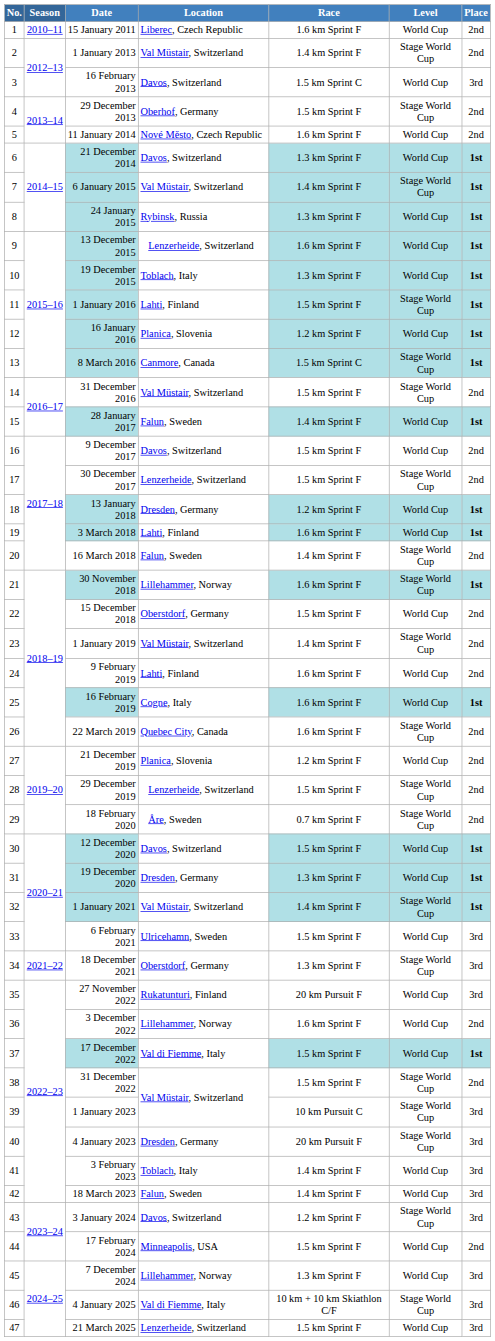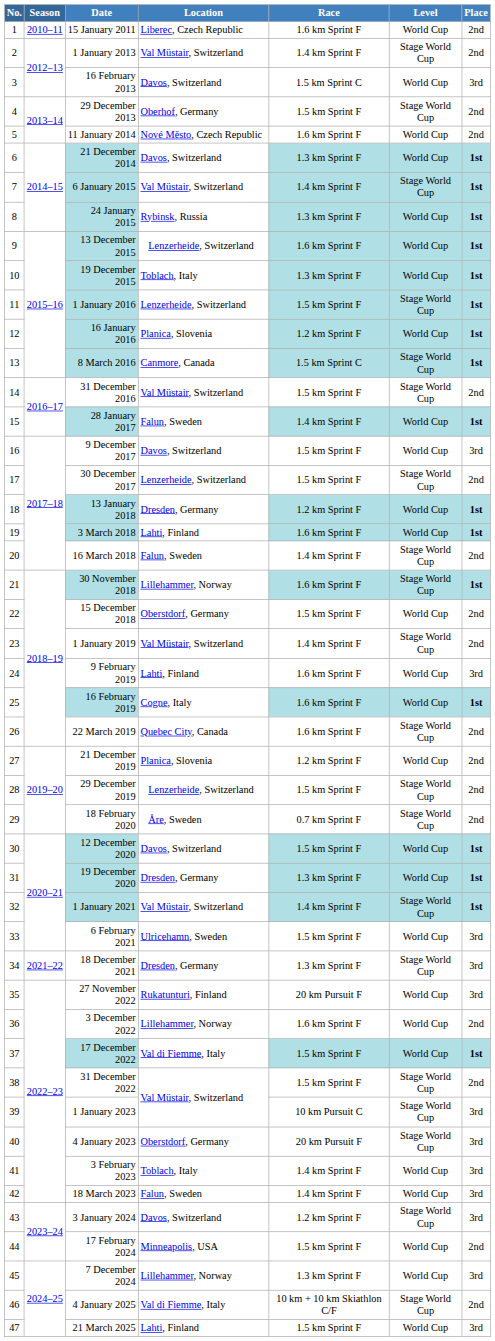 <table class="wikitable sortable" style="font-size:95%; text-align:center; border:grey solid 1px; border-collapse:collapse; background:#ffffff;">
 <tr style="background:#efefef;">
 <th style="background-color:#369; color:white;">No.</th>
 <th style="background-color:#369; color:white;">Season</th>
 <th style="background-color:#4180be; color:white; width:100px;">Date</th>
 <th style="background-color:#4180be; color:white; width:185px;">Location</th>
 <th style="background-color:#4180be; color:white; width:170px;">Race</th>
 <th style="background-color:#4180be; color:white; width:100px;">Level</th>
 <th style="background-color:#4180be; color:white;">Place</th>
 </tr>
 <tr>
 <td align=center>1</td>
 <td rowspan=1 align=center><a href='#'>2010–11</a></td>
 <td align=right>15 January 2011</td>
 <td align=left> <a href='#'>Liberec</a>, Czech Republic</td>
 <td>1.6 km Sprint F</td>
 <td>World Cup</td>
 <td>2nd</td>
 </tr>
 <tr>
 <td align=center>2</td>
 <td rowspan=2 align=center><a href='#'>2012–13</a></td>
 <td align=right>1 January 2013</td>
 <td align=left> <a href='#'>Val Müstair</a>, Switzerland</td>
 <td>1.4 km Sprint F</td>
 <td>Stage World Cup</td>
 <td>2nd</td>
 </tr>
 <tr>
 <td align=center>3</td>
 <td align=right>16 February 2013</td>
 <td align=left> <a href='#'>Davos</a>, Switzerland</td>
 <td>1.5 km Sprint C</td>
 <td>World Cup</td>
 <td>3rd</td>
 </tr>
 <tr>
 <td align=center>4</td>
 <td rowspan=2 align=center><a href='#'>2013–14</a></td>
 <td align=right>29 December 2013</td>
 <td align=left> <a href='#'>Oberhof</a>, Germany</td>
 <td>1.5 km Sprint F</td>
 <td>Stage World Cup</td>
 <td>2nd</td>
 </tr>
 <tr>
 <td align=center>5</td>
 <td align=right>11 January 2014</td>
 <td align=left> <a href='#'>Nové Město</a>, Czech Republic</td>
 <td>1.6 km Sprint F</td>
 <td>World Cup</td>
 <td>2nd</td>
 </tr>
 <tr>
 <td align=center>6</td>
 <td rowspan=3 align=center><a href='#'>2014–15</a></td>
 <td bgcolor="#BOEOE6" align=right>21 December 2014</td>
 <td align=left> <a href='#'>Davos</a>, Switzerland</td>
 <td bgcolor="#BOEOE6">1.3 km Sprint F</td>
 <td bgcolor="#BOEOE6">World Cup</td>
 <td bgcolor="#BOEOE6"><strong>1st</strong></td>
 </tr>
 <tr>
 <td align=center>7</td>
 <td bgcolor="#BOEOE6" align=right>6 January 2015</td>
 <td align=left> <a href='#'>Val Müstair</a>, Switzerland</td>
 <td bgcolor="#BOEOE6">1.4 km Sprint F</td>
 <td bgcolor="#BOEOE6">Stage World Cup</td>
 <td bgcolor="#BOEOE6"><strong>1st</strong></td>
 </tr>
 <tr>
 <td align=center>8</td>
 <td bgcolor="#BOEOE6" align=right>24 January 2015</td>
 <td align=left> <a href='#'>Rybinsk</a>, Russia</td>
 <td bgcolor="#BOEOE6">1.3 km Sprint F</td>
 <td bgcolor="#BOEOE6">World Cup</td>
 <td bgcolor="#BOEOE6"><strong>1st</strong></td>
 </tr>
 <tr>
 <td align=center>9</td>
 <td rowspan=5 align=center><a href='#'>2015–16</a></td>
 <td bgcolor="#BOEOE6" align=right>13 December 2015</td>
 <td align=left>   <a href='#'>Lenzerheide</a>, Switzerland</td>
 <td bgcolor="#BOEOE6">1.6 km Sprint F</td>
 <td bgcolor="#BOEOE6">World Cup</td>
 <td bgcolor="#BOEOE6"><strong>1st</strong></td>
 </tr>
 <tr>
 <td align=center>10</td>
 <td bgcolor="#BOEOE6" align=right>19 December 2015</td>
 <td align=left> <a href='#'>Toblach</a>, Italy</td>
 <td bgcolor="#BOEOE6">1.3 km Sprint F</td>
 <td bgcolor="#BOEOE6">World Cup</td>
 <td bgcolor="#BOEOE6"><strong>1st</strong></td>
 </tr>
 <tr>
 <td align=center>11</td>
 <td bgcolor="#BOEOE6" align=right>1 January 2016</td>
-<td align=left> <a href='#'>Lahti</a>, Finland</td>
+<td align=left> <a href='#'>Lenzerheide</a>, Switzerland</td>
 <td bgcolor="#BOEOE6">1.5 km Sprint F</td>
 <td bgcolor="#BOEOE6">Stage World Cup</td>
 <td bgcolor="#BOEOE6"><strong>1st</strong></td>
 </tr>
 <tr>
 <td align=center>12</td>
 <td bgcolor="#BOEOE6" align=right>16 January 2016</td>
 <td align=left> <a href='#'>Planica</a>, Slovenia</td>
 <td bgcolor="#BOEOE6">1.2 km Sprint F</td>
 <td bgcolor="#BOEOE6">World Cup</td>
 <td bgcolor="#BOEOE6"><strong>1st</strong></td>
 </tr>
 <tr>
 <td align=center>13</td>
 <td bgcolor="#BOEOE6" align=right>8 March 2016</td>
 <td align=left> <a href='#'>Canmore</a>, Canada</td>
 <td bgcolor="#BOEOE6">1.5 km Sprint C</td>
 <td bgcolor="#BOEOE6">Stage World Cup</td>
 <td bgcolor="#BOEOE6"><strong>1st</strong></td>
 </tr>
 <tr>
 <td align=center>14</td>
 <td rowspan=2 align=center><a href='#'>2016–17</a></td>
 <td align=right>31 December 2016</td>
 <td align=left> <a href='#'>Val Müstair</a>, Switzerland</td>
 <td>1.5 km Sprint F</td>
 <td>Stage World Cup</td>
 <td>2nd</td>
 </tr>
 <tr>
 <td align=center>15</td>
 <td bgcolor="#BOEOE6" align=right>28 January 2017</td>
 <td align=left> <a href='#'>Falun</a>, Sweden</td>
 <td bgcolor="#BOEOE6">1.4 km Sprint F</td>
 <td bgcolor="#BOEOE6">World Cup</td>
 <td bgcolor="#BOEOE6"><strong>1st</strong></td>
 </tr>
 <tr>
 <td align=center>16</td>
 <td rowspan=5 align=center><a href='#'>2017–18</a></td>
 <td align=right>9 December 2017</td>
 <td align=left> <a href='#'>Davos</a>, Switzerland</td>
 <td>1.5 km Sprint F</td>
 <td>World Cup</td>
-<td>2nd</td>
+<td>3rd</td>
 </tr>
 <tr>
 <td align=center>17</td>
 <td align=right>30 December 2017</td>
 <td align=left> <a href='#'>Lenzerheide</a>, Switzerland</td>
 <td>1.5 km Sprint F</td>
 <td>Stage World Cup</td>
 <td>2nd</td>
 </tr>
 <tr>
 <td align=center>18</td>
 <td bgcolor="#BOEOE6" align=right>13 January 2018</td>
 <td align=left> <a href='#'>Dresden</a>, Germany</td>
 <td bgcolor="#BOEOE6">1.2 km Sprint F</td>
 <td bgcolor="#BOEOE6">World Cup</td>
 <td bgcolor="#BOEOE6"><strong>1st</strong></td>
 </tr>
 <tr>
 <td align=center>19</td>
 <td bgcolor="#BOEOE6" align=right>3 March 2018</td>
 <td align=left> <a href='#'>Lahti</a>, Finland</td>
 <td bgcolor="#BOEOE6">1.6 km Sprint F</td>
 <td bgcolor="#BOEOE6">World Cup</td>
 <td bgcolor="#BOEOE6"><strong>1st</strong></td>
 </tr>
 <tr>
 <td align=center>20</td>
 <td align=right>16 March 2018</td>
 <td align=left> <a href='#'>Falun</a>, Sweden</td>
 <td>1.4 km Sprint F</td>
 <td>Stage World Cup</td>
 <td>2nd</td>
 </tr>
 <tr>
 <td align=center>21</td>
 <td rowspan=6 align=center><a href='#'>2018–19</a></td>
 <td bgcolor="#BOEOE6" align=right>30 November 2018</td>
 <td align=left> <a href='#'>Lillehammer</a>, Norway</td>
 <td bgcolor="#BOEOE6">1.6 km Sprint F</td>
 <td bgcolor="#BOEOE6">Stage World Cup</td>
 <td bgcolor="#BOEOE6"><strong>1st</strong></td>
 </tr>
 <tr>
 <td align=center>22</td>
 <td align=right>15 December 2018</td>
 <td align=left> <a href='#'>Oberstdorf</a>, Germany</td>
 <td>1.5 km Sprint F</td>
 <td>World Cup</td>
 <td>2nd</td>
 </tr>
 <tr>
 <td align=center>23</td>
 <td align=right>1 January 2019</td>
 <td align=left> <a href='#'>Val Müstair</a>, Switzerland</td>
 <td>1.4 km Sprint F</td>
 <td>Stage World Cup</td>
 <td>2nd</td>
 </tr>
 <tr>
 <td align=center>24</td>
 <td align=right>9 February 2019</td>
 <td align=left> <a href='#'>Lahti</a>, Finland</td>
 <td>1.6 km Sprint F</td>
 <td>World Cup</td>
-<td>2nd</td>
+<td>3rd</td>
 </tr>
 <tr>
 <td align=center>25</td>
 <td bgcolor="#BOEOE6" align=right>16 February 2019</td>
 <td align=left> <a href='#'>Cogne</a>, Italy</td>
 <td bgcolor="#BOEOE6">1.6 km Sprint F</td>
 <td bgcolor="#BOEOE6">World Cup</td>
 <td bgcolor="#BOEOE6"><strong>1st</strong></td>
 </tr>
 <tr>
 <td align=center>26</td>
 <td align=right>22 March 2019</td>
 <td align=left> <a href='#'>Quebec City</a>, Canada</td>
 <td>1.6 km Sprint F</td>
 <td>Stage World Cup</td>
 <td>2nd</td>
 </tr>
 <tr>
 <td align=center>27</td>
 <td rowspan=3 align=center><a href='#'>2019–20</a></td>
 <td align=right>21 December 2019</td>
 <td align=left> <a href='#'>Planica</a>, Slovenia</td>
 <td>1.2 km Sprint F</td>
 <td>World Cup</td>
 <td>2nd</td>
 </tr>
 <tr>
 <td align=center>28</td>
 <td align=right>29 December 2019</td>
 <td align=left>   <a href='#'>Lenzerheide</a>, Switzerland</td>
 <td>1.5 km Sprint F</td>
 <td>Stage World Cup</td>
 <td>2nd</td>
 </tr>
 <tr>
 <td align=center>29</td>
 <td align=right>18 February 2020</td>
 <td align=left>   <a href='#'>Åre</a>, Sweden</td>
 <td>0.7 km Sprint F</td>
 <td>Stage World Cup</td>
 <td>2nd</td>
 </tr>
 <tr>
 <td align=center>30</td>
 <td rowspan=4 align=center><a href='#'>2020–21</a></td>
 <td bgcolor="#BOEOE6" align=right>12 December 2020</td>
 <td align=left> <a href='#'>Davos</a>, Switzerland</td>
 <td bgcolor="#BOEOE6">1.5 km Sprint F</td>
 <td bgcolor="#BOEOE6">World Cup</td>
 <td bgcolor="#BOEOE6"><strong>1st</strong></td>
 </tr>
 <tr>
 <td align=center>31</td>
 <td bgcolor="#BOEOE6" align=right>19 December 2020</td>
 <td align=left> <a href='#'>Dresden</a>, Germany</td>
 <td bgcolor="#BOEOE6">1.3 km Sprint F</td>
 <td bgcolor="#BOEOE6">World Cup</td>
 <td bgcolor="#BOEOE6"><strong>1st</strong></td>
 </tr>
 <tr>
 <td align=center>32</td>
 <td bgcolor="#BOEOE6" align=right>1 January 2021</td>
 <td align=left> <a href='#'>Val Müstair</a>, Switzerland</td>
 <td bgcolor="#BOEOE6">1.4 km Sprint F</td>
 <td bgcolor="#BOEOE6">Stage World Cup</td>
 <td bgcolor="#BOEOE6"><strong>1st</strong></td>
 </tr>
 <tr>
 <td align=center>33</td>
 <td align=right>6 February 2021</td>
 <td align=left> <a href='#'>Ulricehamn</a>, Sweden</td>
 <td>1.5 km Sprint F</td>
 <td>World Cup</td>
 <td>3rd</td>
 </tr>
 <tr>
 <td align=center>34</td>
 <td rowspan="1" align="center"><a href='#'>2021–22</a></td>
 <td align=right>18 December 2021</td>
-<td align=left> <a href='#'>Oberstdorf</a>, Germany</td>
+<td align=left> <a href='#'>Dresden</a>, Germany</td>
 <td>1.3 km Sprint F</td>
 <td>Stage World Cup</td>
 <td>3rd</td>
 </tr>
 <tr>
 <td align=center>35</td>
 <td rowspan="8" align="center"><a href='#'>2022–23</a></td>
 <td align=right>27 November 2022</td>
 <td align=left> <a href='#'>Rukatunturi</a>, Finland</td>
 <td>20 km Pursuit F</td>
 <td>World Cup</td>
 <td>3rd</td>
 </tr>
 <tr>
 <td align=center>36</td>
 <td align=right>3 December 2022</td>
 <td align=left> <a href='#'>Lillehammer</a>, Norway</td>
 <td>1.6 km Sprint F</td>
 <td>World Cup</td>
 <td>2nd</td>
 </tr>
 <tr>
 <td align=center>37</td>
 <td bgcolor="#BOEOE6" align=right>17 December 2022</td>
 <td align=left> <a href='#'>Val di Fiemme</a>, Italy</td>
 <td bgcolor="#BOEOE6">1.5 km Sprint F</td>
 <td bgcolor="#BOEOE6">World Cup</td>
 <td bgcolor="#BOEOE6"><strong>1st</strong></td>
 </tr>
 <tr>
 <td align=center>38</td>
 <td align=right>31 December 2022</td>
 <td rowspan=2 align=left> <a href='#'>Val Müstair</a>, Switzerland</td>
 <td>1.5 km Sprint F</td>
 <td>Stage World Cup</td>
 <td>2nd</td>
 </tr>
 <tr>
 <td align=center>39</td>
 <td align=right>1 January 2023</td>
 <td>10 km Pursuit C</td>
 <td>Stage World Cup</td>
 <td>3rd</td>
 </tr>
 <tr>
 <td align=center>40</td>
 <td align=right>4 January 2023</td>
-<td align=left> <a href='#'>Dresden</a>, Germany</td>
+<td align=left> <a href='#'>Oberstdorf</a>, Germany</td>
 <td>20 km Pursuit F</td>
 <td>Stage World Cup</td>
 <td>3rd</td>
 </tr>
 <tr>
 <td align=center>41</td>
 <td align=right>3 February 2023</td>
 <td align=left> <a href='#'>Toblach</a>, Italy</td>
 <td>1.4 km Sprint F</td>
 <td>World Cup</td>
 <td>3rd</td>
 </tr>
 <tr>
 <td align=center>42</td>
 <td align=right>18 March 2023</td>
 <td align=left> <a href='#'>Falun</a>, Sweden</td>
 <td>1.4 km Sprint F</td>
 <td>World Cup</td>
 <td>3rd</td>
 </tr>
 <tr>
 <td align=center>43</td>
 <td rowspan="2" align="center"><a href='#'>2023–24</a></td>
 <td align=right>3 January 2024</td>
 <td align=left> <a href='#'>Davos</a>, Switzerland</td>
 <td>1.2 km Sprint F</td>
 <td>Stage World Cup</td>
 <td>3rd</td>
 </tr>
 <tr>
 <td align=center>44</td>
 <td align=right>17 February 2024</td>
 <td align=left> <a href='#'>Minneapolis</a>, USA</td>
 <td>1.5 km Sprint F</td>
 <td>World Cup</td>
 <td>2nd</td>
 </tr>
 <tr>
 <td align=center>45</td>
 <td rowspan=3 align=center><a href='#'>2024–25</a></td>
 <td align=right>7 December 2024</td>
 <td align=left> <a href='#'>Lillehammer</a>, Norway</td>
 <td>1.3 km Sprint F</td>
 <td>World Cup</td>
 <td>3rd</td>
 </tr>
 <tr>
 <td align=center>46</td>
 <td align=right>4 January 2025</td>
 <td align=left> <a href='#'>Val di Fiemme</a>, Italy</td>
 <td>10 km + 10 km Skiathlon C/F</td>
 <td>Stage World Cup</td>
-<td>3rd</td>
+<td>2nd</td>
 </tr>
 <tr>
 <td align=center>47</td>
 <td align=right>21 March 2025</td>
-<td align=left> <a href='#'>Lenzerheide</a>, Switzerland</td>
+<td align=left> <a href='#'>Lahti</a>, Finland</td>
 <td>1.5 km Sprint F</td>
 <td>World Cup</td>
 <td>3rd</td>
 </tr>
 </table>
